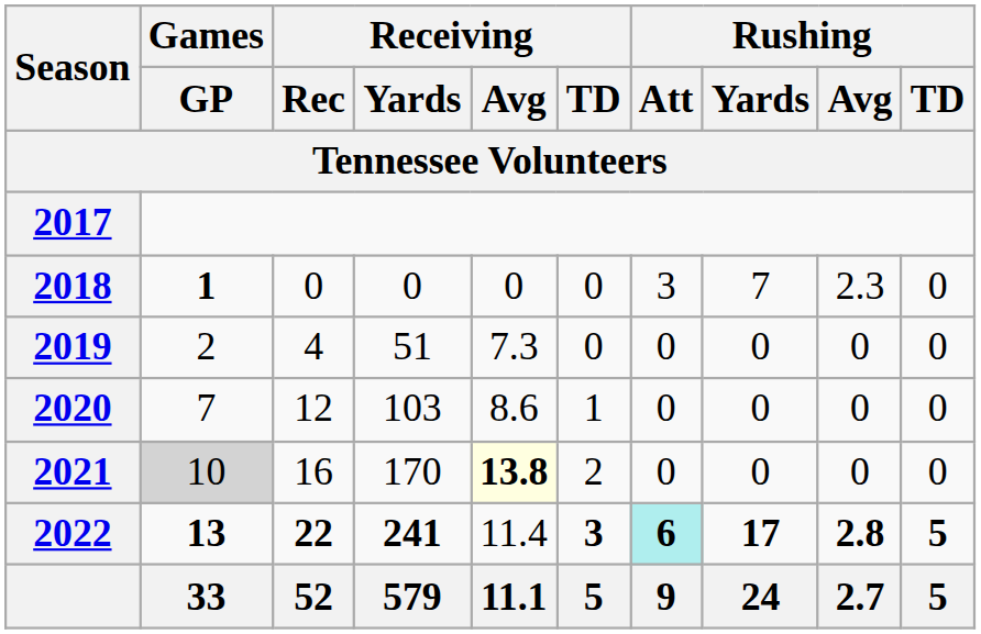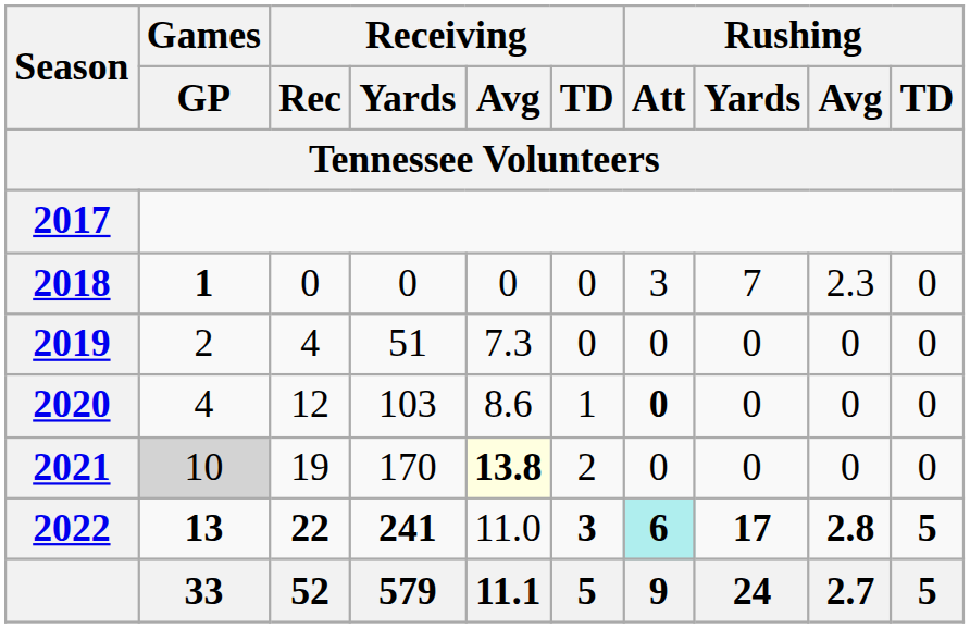 <table class="wikitable" style="text-align:center;">
 <tr>
 <th rowspan="2">Season</th>
 <th colspan="1">Games</th>
 <th colspan="4">Receiving</th>
 <th colspan="4">Rushing</th>
 </tr>
 <tr>
 <th>GP</th>
 <th>Rec</th>
 <th>Yards</th>
 <th>Avg</th>
 <th>TD</th>
 <th>Att</th>
 <th>Yards</th>
 <th>Avg</th>
 <th>TD</th>
 </tr>
 <tr>
 <th colspan="11">Tennessee Volunteers</th>
 </tr>
 <tr>
 <th><a href='#'>2017</a></th>
 <td colspan="11"></td>
 </tr>
 <tr>
 <th><a href='#'>2018</a></th>
 <td><strong>1</strong></td>
 <td>0</td>
 <td>0</td>
 <td>0</td>
 <td>0</td>
 <td>3</td>
 <td>7</td>
 <td>2.3</td>
 <td>0</td>
 </tr>
 <tr>
 <th><a href='#'>2019</a></th>
 <td>2</td>
 <td>4</td>
 <td>51</td>
 <td>7.3</td>
 <td>0</td>
 <td>0</td>
 <td>0</td>
 <td>0</td>
 <td>0</td>
 </tr>
 <tr>
 <th><a href='#'>2020</a></th>
-<td>7</td>
+<td>4</td>
 <td>12</td>
 <td>103</td>
 <td>8.6</td>
 <td>1</td>
-<td>0</td>
+<td><strong>0</strong></td>
 <td>0</td>
 <td>0</td>
 <td>0</td>
 </tr>
 <tr>
 <th><a href='#'>2021</a></th>
 <td style="background: lightgrey;">10</td>
-<td>16</td>
+<td>19</td>
 <td>170</td>
 <td style="background: lightyellow;"><strong>13.8</strong></td>
 <td>2</td>
 <td>0</td>
 <td>0</td>
 <td>0</td>
 <td>0</td>
 </tr>
 <tr>
 <th><a href='#'>2022</a></th>
 <td><strong>13</strong></td>
 <td><strong>22</strong></td>
 <td><strong>241</strong></td>
-<td>11.4</td>
+<td>11.0</td>
 <td><strong>3</strong></td>
 <td style="background: paleturquoise;"><strong>6</strong></td>
 <td><strong>17</strong></td>
 <td><strong>2.8</strong></td>
 <td><strong>5</strong></td>
 </tr>
 <tr>
 <th></th>
 <th>33</th>
 <th>52</th>
 <th>579</th>
 <th>11.1</th>
 <th>5</th>
 <th>9</th>
 <th>24</th>
 <th>2.7</th>
 <th>5</th>
 </tr>
 </table>
